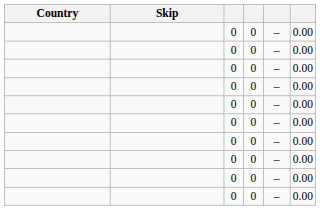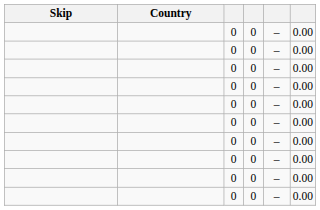 <table class=wikitable style="text-align:center;">
 <tr>
+<th width=150>Skip</th>
 <th width=140>Country</th>
-<th width=150>Skip</th>
 <th width=20></th>
 <th width=20></th>
 <th width=30></th>
 <th width=20></th>
 </tr>
 <tr>
 <td style="text-align:left;"></td>
 <td style="text-align:left;"></td>
 <td>0</td>
 <td>0</td>
 <td>–</td>
 <td>0.00</td>
 </tr>
 <tr>
 <td style="text-align:left;"></td>
 <td style="text-align:left;"></td>
 <td>0</td>
 <td>0</td>
 <td>–</td>
 <td>0.00</td>
 </tr>
 <tr>
 <td style="text-align:left;"></td>
 <td style="text-align:left;"></td>
 <td>0</td>
 <td>0</td>
 <td>–</td>
 <td>0.00</td>
 </tr>
 <tr>
 <td style="text-align:left;"></td>
 <td style="text-align:left;"></td>
 <td>0</td>
 <td>0</td>
 <td>–</td>
 <td>0.00</td>
 </tr>
 <tr>
 <td style="text-align:left;"></td>
 <td style="text-align:left;"></td>
 <td>0</td>
 <td>0</td>
 <td>–</td>
 <td>0.00</td>
 </tr>
 <tr>
 <td style="text-align:left;"></td>
 <td style="text-align:left;"></td>
 <td>0</td>
 <td>0</td>
 <td>–</td>
 <td>0.00</td>
 </tr>
 <tr>
 <td style="text-align:left;"></td>
 <td style="text-align:left;"></td>
 <td>0</td>
 <td>0</td>
 <td>–</td>
 <td>0.00</td>
 </tr>
 <tr>
 <td style="text-align:left;"></td>
 <td style="text-align:left;"></td>
 <td>0</td>
 <td>0</td>
 <td>–</td>
 <td>0.00</td>
 </tr>
 <tr>
 <td style="text-align:left;"></td>
 <td style="text-align:left;"></td>
 <td>0</td>
 <td>0</td>
 <td>–</td>
 <td>0.00</td>
 </tr>
 <tr>
 <td style="text-align:left;"></td>
 <td style="text-align:left;"></td>
 <td>0</td>
 <td>0</td>
 <td>–</td>
 <td>0.00</td>
 </tr>
 </table>
